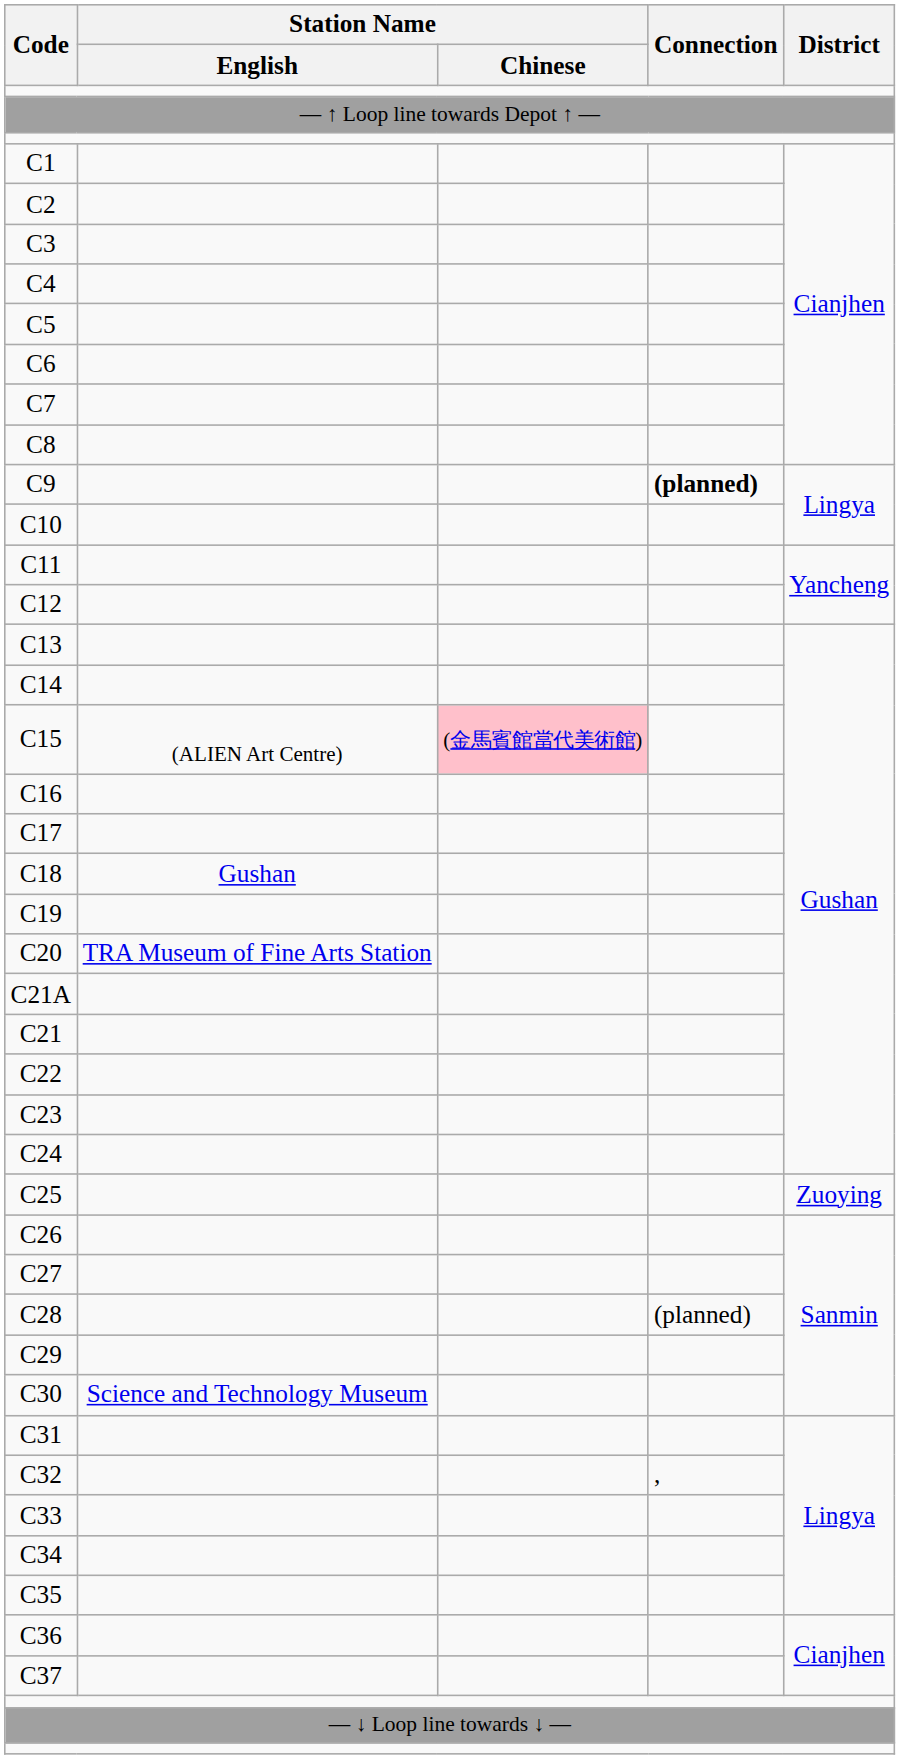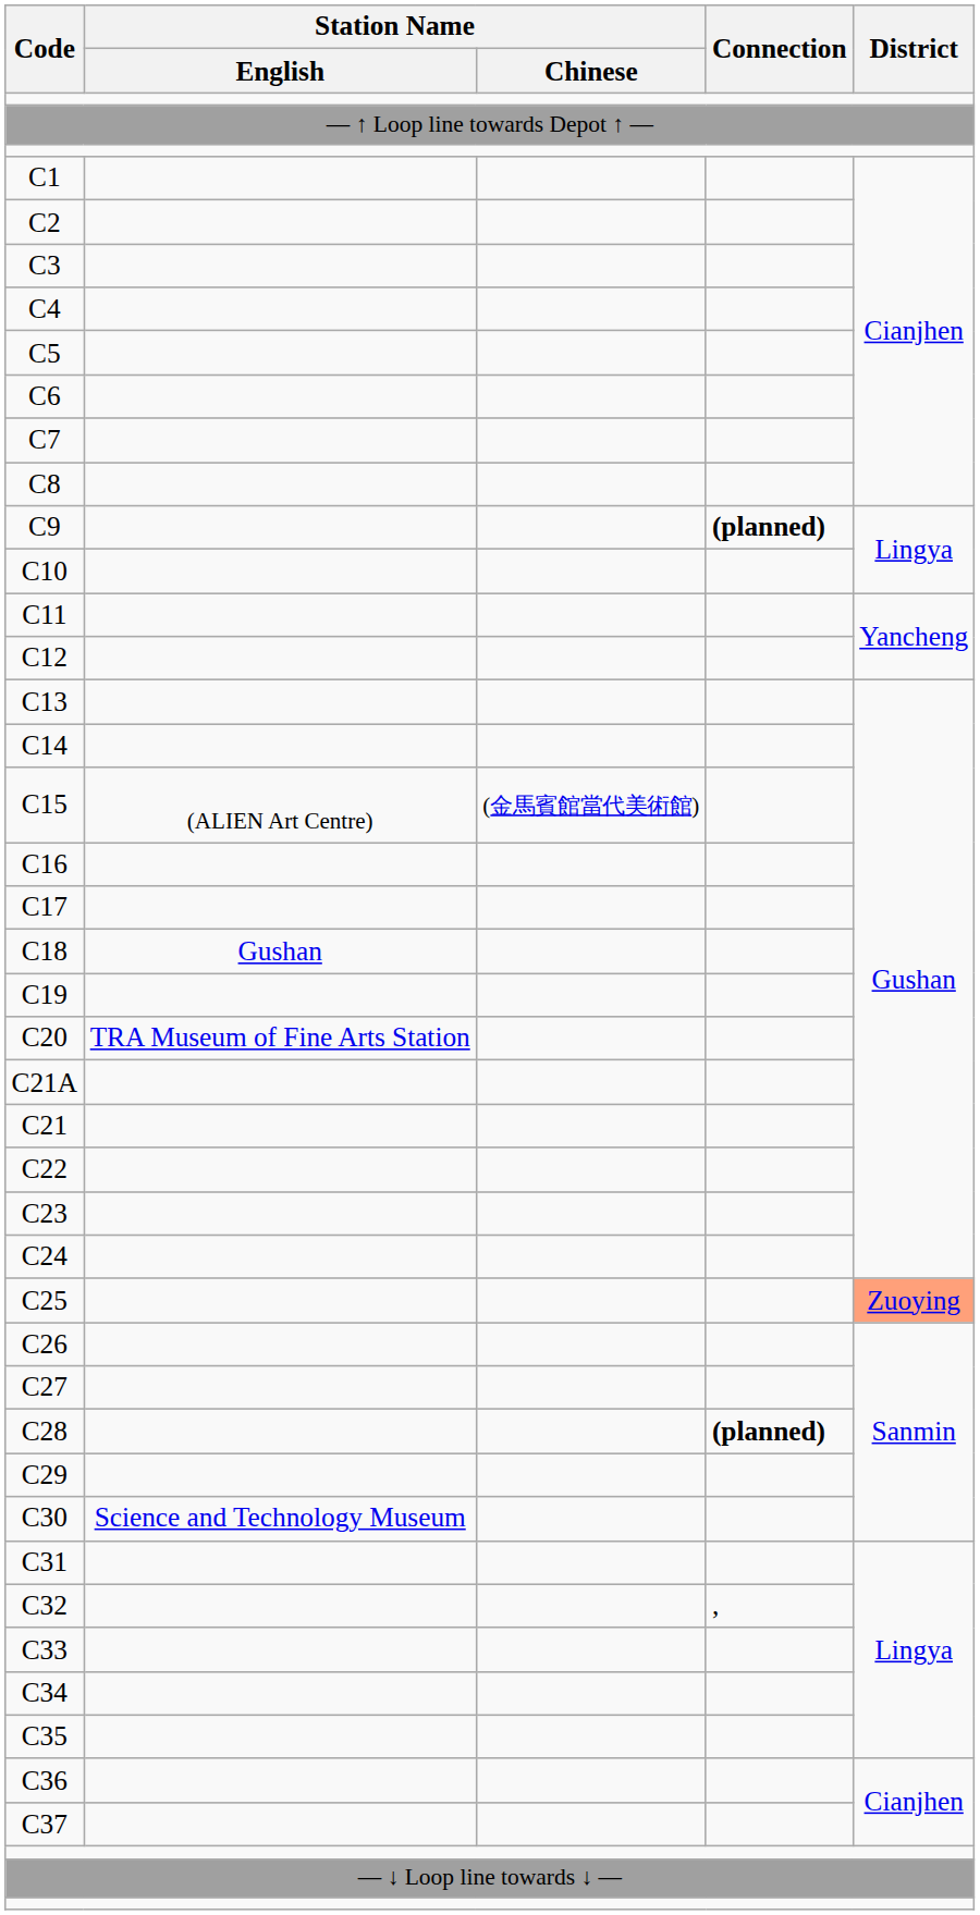 <table class=wikitable>
 <tr>
 <th rowspan=2>Code</th>
 <th colspan=2>Station Name</th>
 <th rowspan="2">Connection</th>
 <th rowspan="2">District</th>
 </tr>
 <tr align=center>
 <th>English</th>
 <th>Chinese</th>
 </tr>
 <tr align=center bgcolor=>
 <td colspan="5"></td>
 </tr>
 <tr align=center>
 <td colspan="5" style="background:#A0A0A0;font-size:85%" align="center">— ↑ Loop line towards Depot ↑ —</td>
 </tr>
 <tr align=center bgcolor=>
 <td colspan="5"></td>
 </tr>
 <tr align=center>
 <td><span>C1</span></td>
 <td></td>
 <td><span></span></td>
 <td align=left></td>
 <td rowspan=8><a href='#'>Cianjhen</a></td>
 </tr>
 <tr align=center>
 <td><span>C2</span></td>
 <td></td>
 <td><span></span></td>
 </tr>
 <tr align=center>
 <td><span>C3</span></td>
 <td></td>
 <td><span></span></td>
 <td align=left> </td>
 </tr>
 <tr align=center>
 <td><span>C4</span></td>
 <td></td>
 <td><span></span></td>
 <td align=left></td>
 </tr>
 <tr align=center>
 <td><span>C5</span></td>
 <td></td>
 <td><span></span></td>
 <td align=left></td>
 </tr>
 <tr align=center>
 <td><span>C6</span></td>
 <td></td>
 <td><span></span></td>
 <td align="left"></td>
 </tr>
 <tr align=center>
 <td><span>C7</span></td>
 <td></td>
 <td><span></span></td>
 <td></td>
 </tr>
 <tr align=center>
 <td><span>C8</span></td>
 <td></td>
 <td><span></span></td>
 <td align=left></td>
 </tr>
 <tr align=center>
 <td><span>C9</span></td>
 <td></td>
 <td><span></span></td>
 <td align="left"><strong> (planned)</strong></td>
 <td rowspan=2><a href='#'>Lingya</a></td>
 </tr>
 <tr align=center>
 <td><span>C10</span></td>
 <td></td>
 <td><span></span></td>
 <td></td>
 </tr>
 <tr align=center>
 <td><span>C11</span></td>
 <td></td>
 <td><span></span></td>
 <td></td>
 <td rowspan=2><a href='#'>Yancheng</a></td>
 </tr>
 <tr align=center>
 <td><span>C12</span></td>
 <td></td>
 <td><span></span></td>
 <td></td>
 </tr>
 <tr align=center>
 <td><span>C13</span></td>
 <td></td>
 <td><span></span></td>
 <td></td>
 <td rowspan=13><a href='#'>Gushan</a></td>
 </tr>
 <tr align=center>
 <td><span>C14</span></td>
 <td></td>
 <td><span></span></td>
 <td align=left> </td>
 </tr>
 <tr align=center>
 <td><span>C15</span></td>
 <td><br><small>(ALIEN Art Centre)</small></td>
-<td style="background: pink;"><span></span><small>(<a href='#'>金馬賓館當代美術館</a>)</small></td>
+<td><span></span><small>(<a href='#'>金馬賓館當代美術館</a>)</small></td>
 <td align="left"></td>
 </tr>
 <tr align=center>
 <td><span>C16</span></td>
 <td></td>
 <td><span></span></td>
 <td></td>
 </tr>
 <tr align=center>
 <td><span>C17</span></td>
 <td></td>
 <td><span></span></td>
 <td></td>
 </tr>
 <tr align=center>
 <td><span>C18</span></td>
 <td><a href='#'>Gushan</a></td>
 <td><span></span></td>
 <td align=left> </td>
 </tr>
 <tr align=center>
 <td><span>C19</span></td>
 <td></td>
 <td><span></span></td>
 <td align=left></td>
 </tr>
 <tr align=center>
 <td><span>C20</span></td>
 <td><a href='#'>TRA Museum of Fine Arts Station</a></td>
 <td><span></span></td>
 <td align=left> </td>
 </tr>
 <tr align=center>
 <td><span>C21A</span></td>
 <td></td>
 <td><span></span></td>
 <td align=left></td>
 </tr>
 <tr align=center>
 <td><span>C21</span></td>
 <td></td>
 <td><span></span></td>
 <td align=left></td>
 </tr>
 <tr align=center>
 <td><span>C22</span></td>
 <td></td>
 <td><span></span></td>
 <td></td>
 </tr>
 <tr align=center>
 <td><span>C23</span></td>
 <td></td>
 <td><span></span></td>
 <td></td>
 </tr>
 <tr align=center>
 <td><span>C24</span></td>
 <td></td>
 <td><span></span></td>
 <td align=left> </td>
 </tr>
 <tr align=center>
 <td><span>C25</span></td>
 <td></td>
 <td><span></span></td>
 <td align="left"></td>
-<td rowspan=1><a href='#'>Zuoying</a></td>
+<td rowspan=1 style="background: lightsalmon;"><a href='#'>Zuoying</a></td>
 </tr>
 <tr align=center>
 <td><span>C26</span></td>
 <td></td>
 <td><span></span></td>
 <td></td>
 <td rowspan=5><a href='#'>Sanmin</a></td>
 </tr>
 <tr align=center>
 <td><span>C27</span></td>
 <td></td>
 <td><span></span></td>
 <td></td>
 </tr>
 <tr align=center>
 <td><span>C28</span></td>
 <td></td>
 <td><span></span></td>
-<td align=left> (planned)</td>
+<td align=left><strong> (planned)</strong></td>
 </tr>
 <tr align=center>
 <td><span>C29</span></td>
 <td></td>
 <td><span></span></td>
 <td align=left></td>
 </tr>
 <tr align=center>
 <td><span>C30</span></td>
 <td><a href='#'>Science and Technology Museum</a></td>
 <td><span></span></td>
 <td align=left> </td>
 </tr>
 <tr align=center>
 <td><span>C31</span></td>
 <td></td>
 <td><span></span></td>
 <td></td>
 <td rowspan=5 bgcolor = #F9F9F9><a href='#'>Lingya</a></td>
 </tr>
 <tr align=center>
 <td><span>C32</span></td>
 <td></td>
 <td><span></span></td>
 <td align=left> , </td>
 </tr>
 <tr align=center>
 <td><span>C33</span></td>
 <td></td>
 <td><span></span></td>
 <td align=left></td>
 </tr>
 <tr align=center>
 <td><span>C34</span></td>
 <td></td>
 <td><span></span></td>
 <td align=left></td>
 </tr>
 <tr align=center>
 <td><span>C35</span></td>
 <td></td>
 <td><span></span></td>
 <td align="left"></td>
 </tr>
 <tr align=center>
 <td><span>C36</span></td>
 <td></td>
 <td><span></span></td>
 <td></td>
 <td rowspan=2><a href='#'>Cianjhen</a></td>
 </tr>
 <tr align=center>
 <td><span>C37</span></td>
 <td></td>
 <td><span></span></td>
 <td></td>
 </tr>
 <tr align=center bgcolor=>
 <td colspan="5"></td>
 </tr>
 <tr align=center>
 <td colspan="5" style="background:#A0A0A0;font-size:85%" align="center">— ↓ Loop line towards  ↓ —</td>
 </tr>
 <tr align=center bgcolor=>
 <td colspan="5"></td>
 </tr>
 </table>
